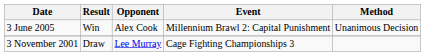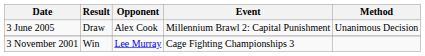 <table class="wikitable">
 <tr>
 <th>Date</th>
 <th>Result</th>
 <th>Opponent</th>
 <th>Event</th>
 <th>Method</th>
 </tr>
 <tr>
 <td>3 June 2005</td>
-<td>Win</td>
+<td> Draw</td>
 <td>Alex Cook</td>
 <td>Millennium Brawl 2: Capital Punishment</td>
 <td>Unanimous Decision</td>
 </tr>
 <tr>
 </tr>
 <tr>
 <td>3 November 2001</td>
-<td> Draw</td>
+<td>Win</td>
 <td><a href='#'>Lee Murray</a></td>
 <td>Cage Fighting Championships 3</td>
 <td></td>
 </tr>
 </table>
